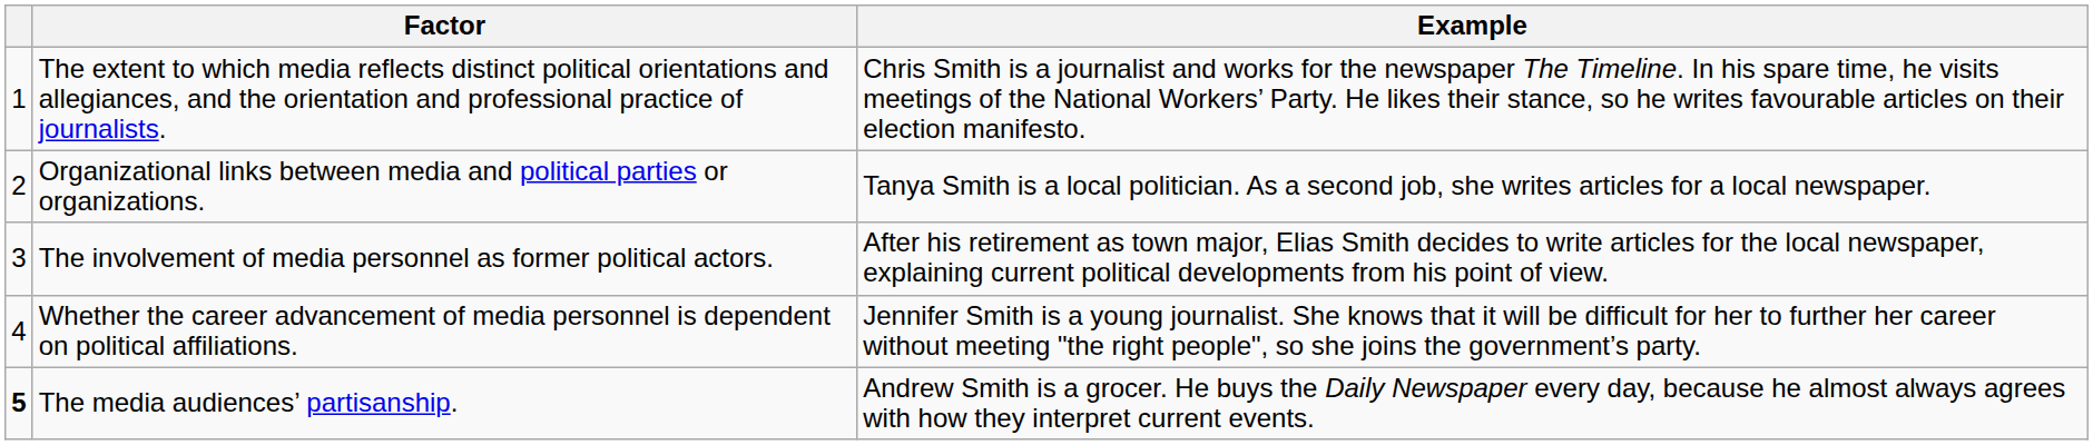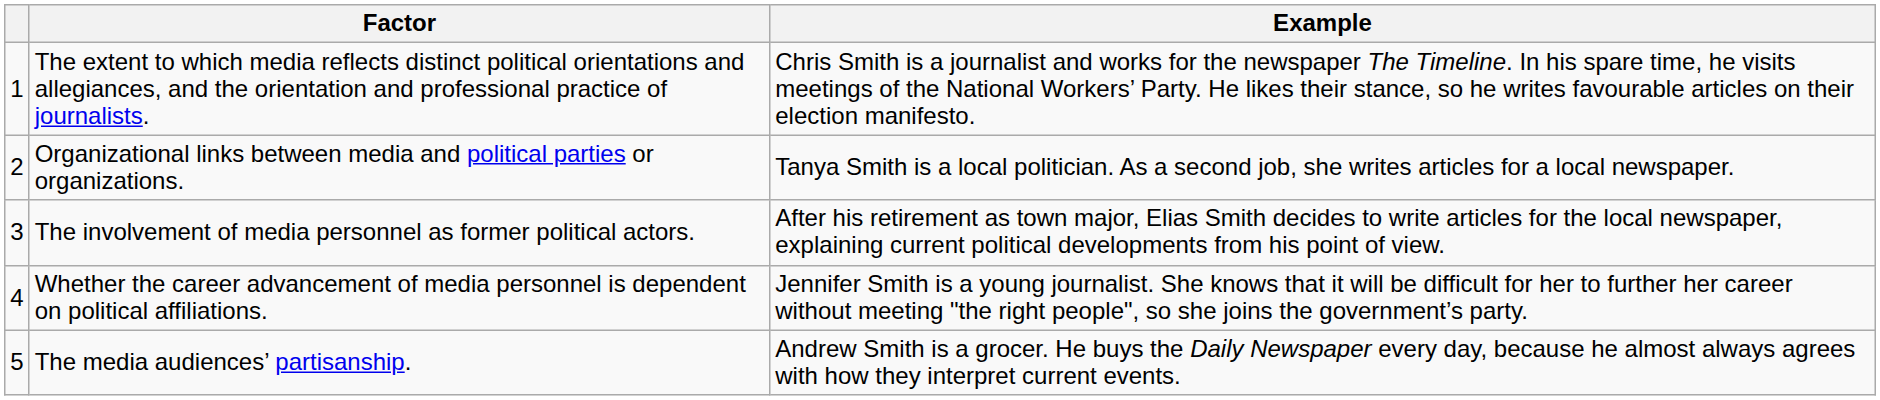 <table class="wikitable">
 <tr>
 <th></th>
 <th>Factor</th>
 <th>Example</th>
 </tr>
 <tr>
 <td>1</td>
 <td>The extent to which media reflects distinct political orientations and allegiances, and the orientation and professional practice of <a href='#'>journalists</a>.</td>
 <td>Chris Smith is a journalist and works for the newspaper <em>The Timeline</em>. In his spare time, he visits meetings of the National Workers’ Party. He likes their stance, so he writes favourable articles on their election manifesto.</td>
 </tr>
 <tr>
 <td>2</td>
 <td>Organizational links between media and <a href='#'>political parties</a> or organizations.</td>
 <td>Tanya Smith is a local politician. As a second job, she writes articles for a local newspaper.</td>
 </tr>
 <tr>
 <td>3</td>
 <td>The involvement of media personnel as former political actors.</td>
 <td>After his retirement as town major, Elias Smith decides to write articles for the local newspaper, explaining current political developments from his point of view.</td>
 </tr>
 <tr>
 <td>4</td>
 <td>Whether the career advancement of media personnel is dependent on political affiliations.</td>
 <td>Jennifer Smith is a young journalist. She knows that it will be difficult for her to further her career without meeting "the right people", so she joins the government’s party.</td>
 </tr>
 <tr>
-<td><strong>5</strong></td>
+<td>5</td>
 <td>The media audiences’ <a href='#'>partisanship</a>.</td>
 <td>Andrew Smith is a grocer. He buys the <em>Daily Newspaper</em> every day, because he almost always agrees with how they interpret current events.</td>
 </tr>
 </table>
